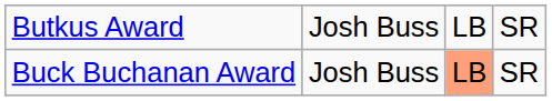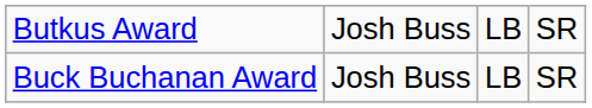 <table class="wikitable">
 <tr>
 <td><a href='#'>Butkus Award</a></td>
 <td>Josh Buss</td>
 <td>LB</td>
 <td>SR</td>
 </tr>
 <tr>
 <td><a href='#'>Buck Buchanan Award</a></td>
 <td>Josh Buss</td>
-<td style="background: lightsalmon;">LB</td>
+<td>LB</td>
 <td>SR</td>
 </tr>
 </table>
